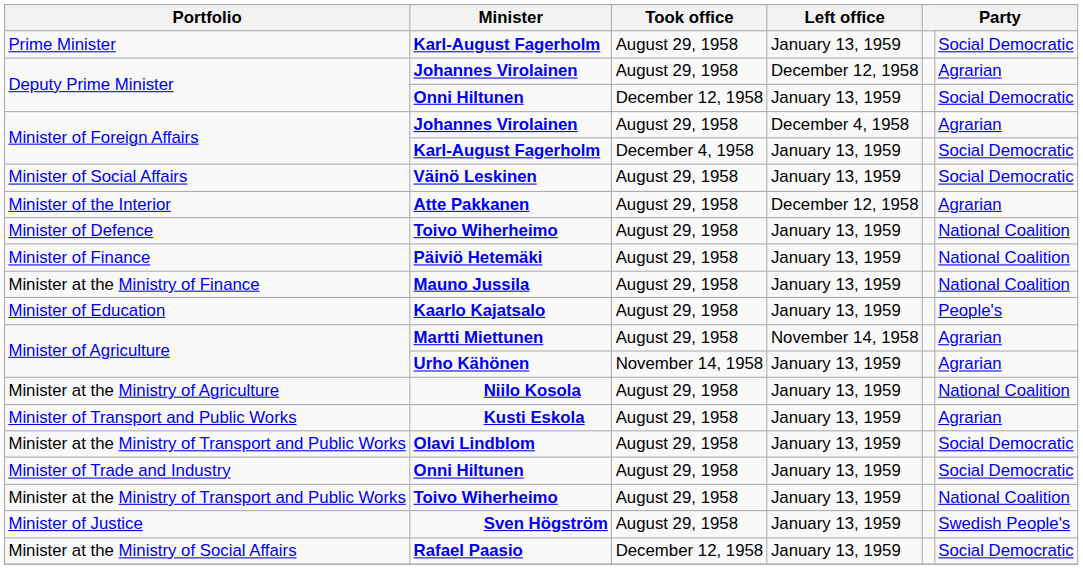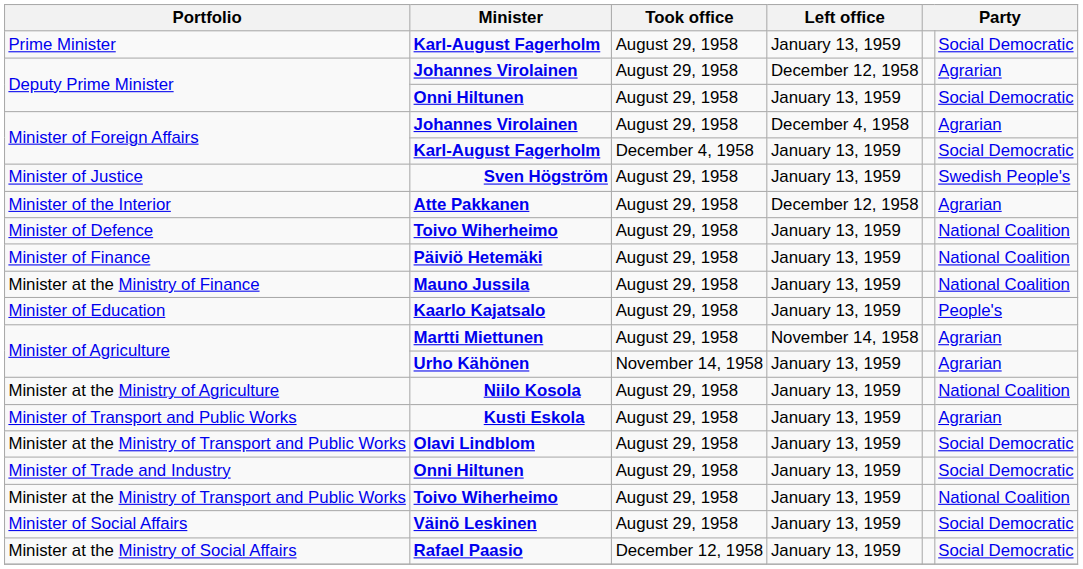 <table class=wikitable>
 <tr>
 <th>Portfolio</th>
 <th>Minister</th>
 <th>Took office</th>
 <th>Left office</th>
 <th colspan ="2">Party</th>
 </tr>
 <tr>
 <td align="left"><a href='#'>Prime Minister</a></td>
 <td align="left"> <strong><a href='#'>Karl-August Fagerholm</a></strong></td>
 <td>August 29, 1958</td>
 <td>January 13, 1959</td>
 <td style="width: 4px; background: "></td>
 <td><a href='#'>Social Democratic</a></td>
 </tr>
 <tr>
 <td rowspan="2" align="left"><a href='#'>Deputy Prime Minister</a></td>
 <td align="left"> <strong><a href='#'>Johannes Virolainen</a></strong></td>
 <td>August 29, 1958</td>
 <td>December 12, 1958 </td>
 <td style="width: 4px; background: "></td>
 <td><a href='#'>Agrarian</a></td>
 </tr>
 <tr>
 <td align="left"> <strong><a href='#'>Onni Hiltunen</a></strong></td>
-<td>December 12, 1958</td>
+<td>August 29, 1958</td>
 <td>January 13, 1959</td>
 <td style="width: 4px; background: "></td>
 <td><a href='#'>Social Democratic</a></td>
 </tr>
 <tr>
 <td rowspan="2" align="left"><a href='#'>Minister of Foreign Affairs</a></td>
 <td align="left"> <strong><a href='#'>Johannes Virolainen</a></strong></td>
 <td>August 29, 1958</td>
 <td>December 4, 1958 </td>
 <td style="width: 4px; background: "></td>
 <td><a href='#'>Agrarian</a></td>
 </tr>
 <tr>
 <td align="left"> <strong><a href='#'>Karl-August Fagerholm</a></strong></td>
 <td>December 4, 1958</td>
 <td>January 13, 1959</td>
 <td style="width: 4px; background: "></td>
 <td><a href='#'>Social Democratic</a></td>
 </tr>
 <tr>
-<td align="left"><a href='#'>Minister of Social Affairs</a></td>
-<td align="left"> <strong><a href='#'>Väinö Leskinen</a></strong></td>
+<td align="left"><a href='#'>Minister of Justice</a></td>
+<td style="padding-left:70px" align="left"><strong><a href='#'>Sven Högström</a></strong></td>
 <td>August 29, 1958</td>
 <td>January 13, 1959</td>
 <td style="width: 4px; background: "></td>
-<td><a href='#'>Social Democratic</a></td>
+<td><a href='#'>Swedish People's</a></td>
 </tr>
 <tr>
 <td align="left"><a href='#'>Minister of the Interior</a></td>
 <td align="left"> <strong><a href='#'>Atte Pakkanen</a></strong></td>
 <td>August 29, 1958</td>
 <td>December 12, 1958 </td>
 <td style="width: 4px; background: "></td>
 <td><a href='#'>Agrarian</a></td>
 </tr>
 <tr>
 <td align="left"><a href='#'>Minister of Defence</a></td>
 <td align="left"> <strong><a href='#'>Toivo Wiherheimo</a></strong></td>
 <td>August 29, 1958</td>
 <td>January 13, 1959</td>
 <td style="width: 4px; background: "></td>
 <td><a href='#'>National Coalition</a></td>
 </tr>
 <tr>
 <td align="left"><a href='#'>Minister of Finance</a></td>
 <td align="left"> <strong><a href='#'>Päiviö Hetemäki</a></strong></td>
 <td>August 29, 1958</td>
 <td>January 13, 1959</td>
 <td style="width: 4px; background: "></td>
 <td><a href='#'>National Coalition</a></td>
 </tr>
 <tr>
 <td align="left">Minister at the <a href='#'>Ministry of Finance</a></td>
 <td align="left"> <strong><a href='#'>Mauno Jussila</a></strong></td>
 <td>August 29, 1958</td>
 <td>January 13, 1959</td>
 <td style="width: 4px; background: "></td>
 <td><a href='#'>National Coalition</a></td>
 </tr>
 <tr>
 <td align="left"><a href='#'>Minister of Education</a></td>
 <td align="left"> <strong><a href='#'>Kaarlo Kajatsalo</a></strong></td>
 <td>August 29, 1958</td>
 <td>January 13, 1959</td>
 <td style="width: 4px; background: "></td>
 <td><a href='#'>People's</a></td>
 </tr>
 <tr>
 <td rowspan="2" align="left"><a href='#'>Minister of Agriculture</a></td>
 <td align="left"> <strong><a href='#'>Martti Miettunen</a></strong></td>
 <td>August 29, 1958</td>
 <td>November 14, 1958 </td>
 <td style="width: 4px; background: "></td>
 <td><a href='#'>Agrarian</a></td>
 </tr>
 <tr>
 <td align="left"> <strong><a href='#'>Urho Kähönen</a></strong></td>
 <td>November 14, 1958</td>
 <td>January 13, 1959</td>
 <td style="width: 4px; background: "></td>
 <td><a href='#'>Agrarian</a></td>
 </tr>
 <tr>
 <td align="left">Minister at the <a href='#'>Ministry of Agriculture</a></td>
 <td style="padding-left:70px" align="left"><strong><a href='#'>Niilo Kosola</a></strong></td>
 <td>August 29, 1958</td>
 <td>January 13, 1959</td>
 <td style="width: 4px; background: "></td>
 <td><a href='#'>National Coalition</a></td>
 </tr>
 <tr>
 <td align="left"><a href='#'>Minister of Transport and Public Works</a></td>
 <td style="padding-left:70px" align="left"><strong><a href='#'>Kusti Eskola</a></strong></td>
 <td>August 29, 1958</td>
 <td>January 13, 1959</td>
 <td style="width: 4px; background: "></td>
 <td><a href='#'>Agrarian</a></td>
 </tr>
 <tr>
 <td align="left">Minister at the <a href='#'>Ministry of Transport and Public Works</a></td>
 <td align="left"> <strong><a href='#'>Olavi Lindblom</a></strong></td>
 <td>August 29, 1958</td>
 <td>January 13, 1959</td>
 <td style="width: 4px; background: "></td>
 <td><a href='#'>Social Democratic</a></td>
 </tr>
 <tr>
 <td align="left"><a href='#'>Minister of Trade and Industry</a></td>
 <td align="left"> <strong><a href='#'>Onni Hiltunen</a></strong></td>
 <td>August 29, 1958</td>
 <td>January 13, 1959</td>
 <td style="width: 4px; background: "></td>
 <td><a href='#'>Social Democratic</a></td>
 </tr>
 <tr>
 <td align="left">Minister at the <a href='#'>Ministry of Transport and Public Works</a></td>
 <td align="left"> <strong><a href='#'>Toivo Wiherheimo</a></strong></td>
 <td>August 29, 1958</td>
 <td>January 13, 1959</td>
 <td style="width: 4px; background: "></td>
 <td><a href='#'>National Coalition</a></td>
 </tr>
 <tr>
-<td align="left"><a href='#'>Minister of Justice</a></td>
-<td style="padding-left:70px" align="left"><strong><a href='#'>Sven Högström</a></strong></td>
+<td align="left"><a href='#'>Minister of Social Affairs</a></td>
+<td align="left"> <strong><a href='#'>Väinö Leskinen</a></strong></td>
 <td>August 29, 1958</td>
 <td>January 13, 1959</td>
 <td style="width: 4px; background: "></td>
-<td><a href='#'>Swedish People's</a></td>
+<td><a href='#'>Social Democratic</a></td>
 </tr>
 <tr>
 <td align="left">Minister at the <a href='#'>Ministry of Social Affairs</a></td>
 <td align="left"> <strong><a href='#'>Rafael Paasio</a></strong></td>
 <td>December 12, 1958</td>
 <td>January 13, 1959</td>
 <td style="width: 4px; background: "></td>
 <td><a href='#'>Social Democratic</a></td>
 </tr>
 <tr>
 </tr>
 </table>
